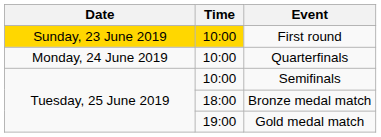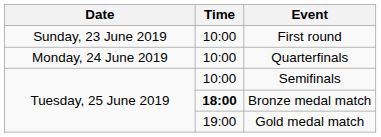 <table class = "wikitable" style="text-align:center;">
 <tr>
 <th width=220>Date</th>
 <th width=50>Time</th>
 <th width=150>Event</th>
 </tr>
 <tr>
-<td style="background: gold;">Sunday, 23 June 2019</td>
-<td style="background: gold;">10:00</td>
+<td>Sunday, 23 June 2019</td>
+<td>10:00</td>
 <td>First round</td>
 </tr>
 <tr>
 <td>Monday, 24 June 2019</td>
 <td>10:00</td>
 <td>Quarterfinals</td>
 </tr>
 <tr>
 <td rowspan=3>Tuesday, 25 June 2019</td>
 <td>10:00</td>
 <td>Semifinals</td>
 </tr>
 <tr>
-<td>18:00</td>
+<td><strong>18:00</strong></td>
 <td>Bronze medal match</td>
 </tr>
 <tr>
 <td>19:00</td>
 <td>Gold medal match</td>
 </tr>
 </table>
